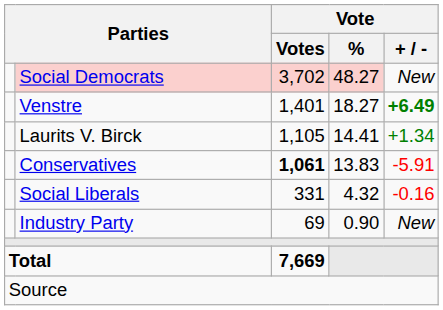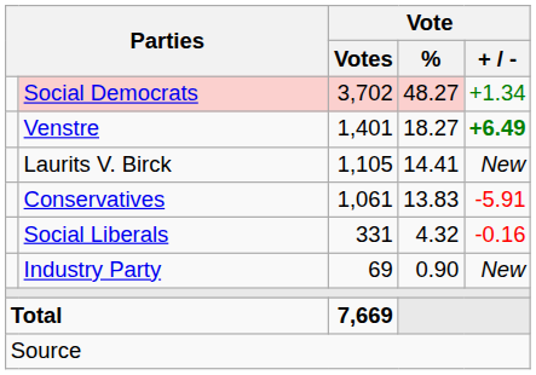 <table class="wikitable" style="text-align:right;">
 <tr>
 <th style="text-align:centre;" rowspan="2" colspan="2" width="225">Parties</th>
 <th colspan="3">Vote</th>
 </tr>
 <tr>
 <th width="15">Votes</th>
 <th width="15">%</th>
 <th width="15">+ / -</th>
 </tr>
 <tr>
 <td width="2" style="color:inherit;background:"></td>
 <td bgcolor=#fbd0ce  align="left"><a href='#'>Social Democrats</a></td>
 <td bgcolor=#fbd0ce>3,702</td>
 <td bgcolor=#fbd0ce>48.27</td>
-<td><em>New</em></td>
+<td style=color:green;>+1.34</td>
 </tr>
 <tr>
 <td width="2" style="color:inherit;background:"></td>
 <td align="left"><a href='#'>Venstre</a></td>
 <td>1,401</td>
 <td>18.27</td>
 <td style=color:green;><strong>+6.49</strong></td>
 </tr>
 <tr>
 <td width="2" style="color:inherit;background:"></td>
 <td align="left">Laurits V. Birck</td>
 <td>1,105</td>
 <td>14.41</td>
-<td style=color:green;>+1.34</td>
+<td><em>New</em></td>
 </tr>
 <tr>
 <td width="2" style="color:inherit;background:"></td>
 <td align="left"><a href='#'>Conservatives</a></td>
-<td><strong>1,061</strong></td>
+<td>1,061</td>
 <td>13.83</td>
 <td style=color:red;>-5.91</td>
 </tr>
 <tr>
 <td width="2" style="color:inherit;background:"></td>
 <td align="left"><a href='#'>Social Liberals</a></td>
 <td>331</td>
 <td>4.32</td>
 <td style=color:red;>-0.16</td>
 </tr>
 <tr>
 <td width="2" style="color:inherit;background:"></td>
 <td align="left"><a href='#'>Industry Party</a></td>
 <td>69</td>
 <td>0.90</td>
 <td><em>New</em></td>
 </tr>
 <tr>
 <td colspan="7" bgcolor="#E9E9E9"></td>
 </tr>
 <tr>
 <td align="left" colspan="2"><strong>Total</strong></td>
 <td><strong>7,669</strong></td>
 <td bgcolor="#E9E9E9" colspan="2"></td>
 </tr>
 <tr>
 <td align="left" colspan="6">Source</td>
 </tr>
 </table>
